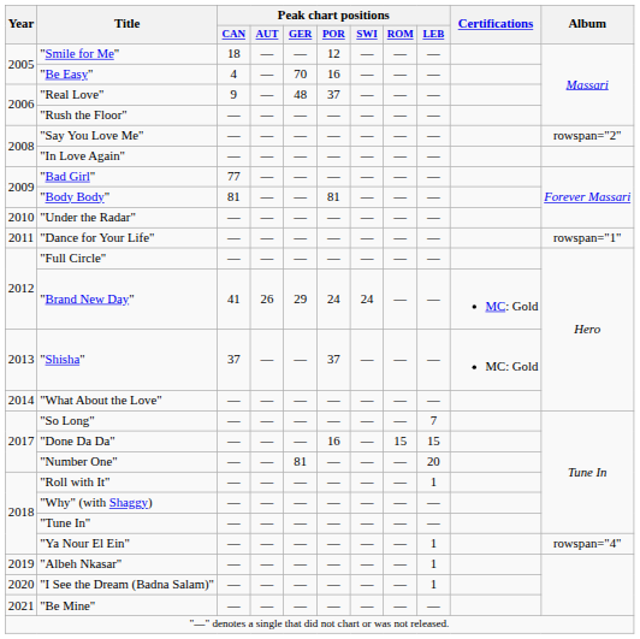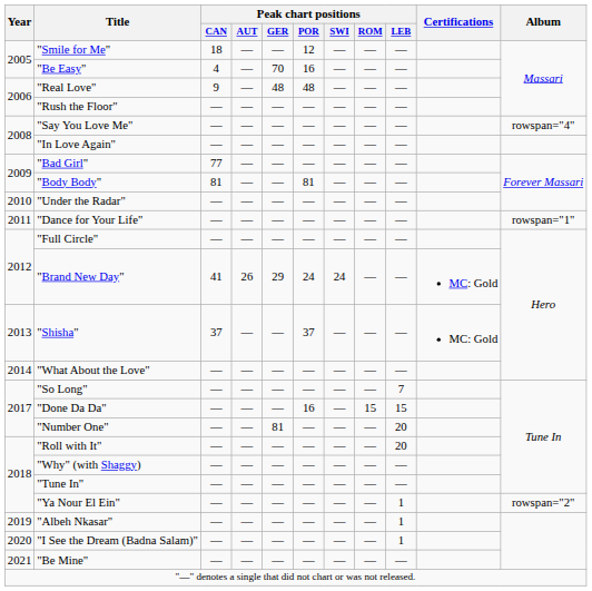 <table class="wikitable" style="text-align:center;">
 <tr>
 <th rowspan="2">Year</th>
 <th rowspan="2">Title</th>
 <th colspan="7">Peak chart positions</th>
 <th rowspan="2"><a href='#'>Certifications</a></th>
 <th rowspan="2">Album</th>
 </tr>
 <tr style="font-size:smaller;">
 <th width="35"><a href='#'>CAN</a><br></th>
 <th width="35"><a href='#'>AUT</a><br></th>
 <th width="35"><a href='#'>GER</a><br></th>
 <th width="35"><a href='#'>POR</a><br></th>
 <th width="35"><a href='#'>SWI</a><br></th>
 <th width="35"><a href='#'>ROM</a><br></th>
 <th width="35"><a href='#'>LEB</a><br></th>
 </tr>
 <tr>
 <td rowspan="2">2005</td>
 <td style="text-align:left;">"<a href='#'>Smile for Me</a>" </td>
 <td>18</td>
 <td>—</td>
 <td>—</td>
 <td>12</td>
 <td>—</td>
 <td>—</td>
 <td>—</td>
 <td></td>
 <td rowspan="4"><em><a href='#'>Massari</a></em></td>
 </tr>
 <tr>
 <td style="text-align:left;">"<a href='#'>Be Easy</a>"</td>
 <td>4</td>
 <td>—</td>
 <td>70</td>
 <td>16</td>
 <td>—</td>
 <td>—</td>
 <td>—</td>
 <td></td>
 </tr>
 <tr>
 <td rowspan="2">2006</td>
 <td style="text-align:left;">"Real Love"</td>
 <td>9</td>
 <td>—</td>
 <td>48</td>
-<td>37</td>
+<td>48</td>
 <td>—</td>
 <td>—</td>
 <td>—</td>
 <td></td>
 </tr>
 <tr>
 <td style="text-align:left;">"Rush the Floor" </td>
 <td>—</td>
 <td>—</td>
 <td>—</td>
 <td>—</td>
 <td>—</td>
 <td>—</td>
 <td>—</td>
 <td></td>
 </tr>
 <tr>
 <td rowspan="2">2008</td>
 <td style="text-align:left;">"Say You Love Me"</td>
 <td>—</td>
 <td>—</td>
 <td>—</td>
 <td>—</td>
 <td>—</td>
 <td>—</td>
 <td>—</td>
 <td></td>
-<td>rowspan="2" </td>
+<td>rowspan="4" </td>
 </tr>
 <tr>
 <td style="text-align:left;">"In Love Again"</td>
 <td>—</td>
 <td>—</td>
 <td>—</td>
 <td>—</td>
 <td>—</td>
 <td>—</td>
 <td>—</td>
 <td></td>
 </tr>
 <tr>
 <td rowspan="2">2009</td>
 <td style="text-align:left;">"<a href='#'>Bad Girl</a>"</td>
 <td>77</td>
 <td>—</td>
 <td>—</td>
 <td>—</td>
 <td>—</td>
 <td>—</td>
 <td>—</td>
 <td></td>
 <td rowspan="3"><em><a href='#'>Forever Massari</a></em></td>
 </tr>
 <tr>
 <td style="text-align:left;">"<a href='#'>Body Body</a>"</td>
 <td>81</td>
 <td>—</td>
 <td>—</td>
 <td>81</td>
 <td>—</td>
 <td>—</td>
 <td>—</td>
 <td></td>
 </tr>
 <tr>
 <td>2010</td>
 <td style="text-align:left;">"Under the Radar"</td>
 <td>—</td>
 <td>—</td>
 <td>—</td>
 <td>—</td>
 <td>—</td>
 <td>—</td>
 <td>—</td>
 <td></td>
 </tr>
 <tr>
 <td>2011</td>
 <td style="text-align:left;">"Dance for Your Life"</td>
 <td>—</td>
 <td>—</td>
 <td>—</td>
 <td>—</td>
 <td>—</td>
 <td>—</td>
 <td>—</td>
 <td></td>
 <td>rowspan="1" </td>
 </tr>
 <tr>
 <td rowspan="2">2012</td>
 <td style="text-align:left;">"Full Circle" </td>
 <td>—</td>
 <td>—</td>
 <td>—</td>
 <td>—</td>
 <td>—</td>
 <td>—</td>
 <td>—</td>
 <td></td>
 <td rowspan="4"><em>Hero</em></td>
 </tr>
 <tr>
 <td style="text-align:left;">"<a href='#'>Brand New Day</a>"</td>
 <td>41</td>
 <td>26</td>
 <td>29</td>
 <td>24</td>
 <td>24</td>
 <td>—</td>
 <td>—</td>
 <td><br><ul><li><a href='#'>MC</a>: Gold</li></ul></td>
 </tr>
 <tr>
 <td>2013</td>
 <td style="text-align:left;">"<a href='#'>Shisha</a>" </td>
 <td>37</td>
 <td>—</td>
 <td>—</td>
 <td>37</td>
 <td>—</td>
 <td>—</td>
 <td>—</td>
 <td><br><ul><li>MC: Gold</li></ul></td>
 </tr>
 <tr>
 <td>2014</td>
 <td style="text-align:left;">"What About the Love" </td>
 <td>—</td>
 <td>—</td>
 <td>—</td>
 <td>—</td>
 <td>—</td>
 <td>—</td>
 <td>—</td>
 <td></td>
 </tr>
 <tr>
 <td rowspan="3">2017</td>
 <td style="text-align:left;">"So Long"</td>
 <td>—</td>
 <td>—</td>
 <td>—</td>
 <td>—</td>
 <td>—</td>
 <td>—</td>
 <td>7</td>
 <td></td>
 <td rowspan="6"><em>Tune In</em></td>
 </tr>
 <tr>
 <td style="text-align:left;">"Done Da Da"</td>
 <td>—</td>
 <td>—</td>
 <td>—</td>
 <td>16</td>
 <td>—</td>
 <td>15</td>
 <td>15</td>
 <td></td>
 </tr>
 <tr>
 <td style="text-align:left;">"Number One" </td>
 <td>—</td>
 <td>—</td>
 <td>81</td>
 <td>—</td>
 <td>—</td>
 <td>—</td>
 <td>20</td>
 <td></td>
 </tr>
 <tr>
 <td rowspan="4">2018</td>
 <td style="text-align:left;">"Roll with It" </td>
 <td>—</td>
 <td>—</td>
 <td>—</td>
 <td>—</td>
 <td>—</td>
 <td>—</td>
-<td>1</td>
+<td>20</td>
 <td></td>
 </tr>
 <tr>
 <td style="text-align:left;">"Why" (with <a href='#'>Shaggy</a>)</td>
 <td>—</td>
 <td>—</td>
 <td>—</td>
 <td>—</td>
 <td>—</td>
 <td>—</td>
 <td>—</td>
 <td></td>
 </tr>
 <tr>
 <td style="text-align:left;">"Tune In" </td>
 <td>—</td>
 <td>—</td>
 <td>—</td>
 <td>—</td>
 <td>—</td>
 <td>—</td>
 <td>—</td>
 <td></td>
 </tr>
 <tr>
 <td style="text-align:left;">"Ya Nour El Ein" </td>
 <td>—</td>
 <td>—</td>
 <td>—</td>
 <td>—</td>
 <td>—</td>
 <td>—</td>
 <td>1</td>
 <td></td>
-<td>rowspan="4" </td>
+<td>rowspan="2" </td>
 </tr>
 <tr>
 <td>2019</td>
 <td style="text-align:left;">"Albeh Nkasar"</td>
 <td>—</td>
 <td>—</td>
 <td>—</td>
 <td>—</td>
 <td>—</td>
 <td>—</td>
 <td>1</td>
 <td></td>
 </tr>
 <tr>
 <td>2020</td>
 <td style="text-align:left;">"I See the Dream (Badna Salam)" </td>
 <td>—</td>
 <td>—</td>
 <td>—</td>
 <td>—</td>
 <td>—</td>
 <td>—</td>
 <td>1</td>
 <td></td>
 </tr>
 <tr>
 <td>2021</td>
 <td style="text-align:left;">"Be Mine"</td>
 <td>—</td>
 <td>—</td>
 <td>—</td>
 <td>—</td>
 <td>—</td>
 <td>—</td>
 <td>—</td>
 <td></td>
 </tr>
 <tr>
 <td colspan="14" style="font-size:85%">"—" denotes a single that did not chart or was not released.</td>
 </tr>
 </table>
